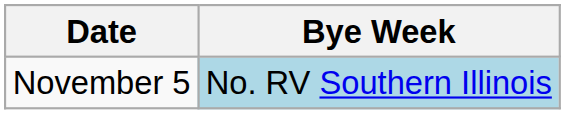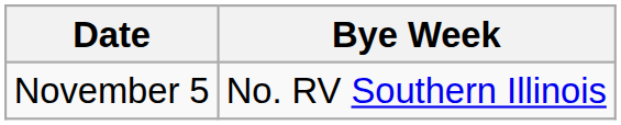 <table class="wikitable" style="font-size:95%;">
 <tr>
 <th>Date</th>
 <th colspan="1">Bye Week</th>
 </tr>
 <tr>
 <td>November 5</td>
-<td style="background: lightblue;">No. RV <a href='#'>Southern Illinois</a></td>
+<td>No. RV <a href='#'>Southern Illinois</a></td>
 </tr>
 </table>
